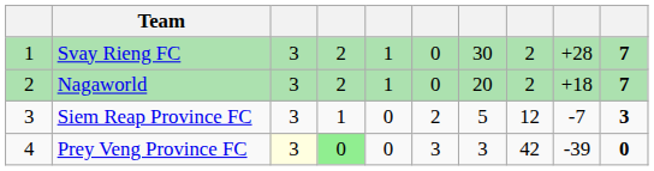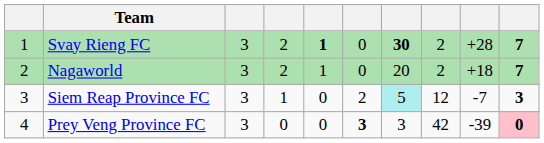 <table class="wikitable" style="text-align: center;">
 <tr>
 <th width=30></th>
 <th width=165>Team</th>
 <th width=30></th>
 <th width=30></th>
 <th width=30></th>
 <th width=30></th>
 <th width=30></th>
 <th width=30></th>
 <th width=30></th>
 <th width=30></th>
 </tr>
 <tr style="background:#ace1af;">
 <td>1</td>
 <td align=left><a href='#'>Svay Rieng FC</a></td>
 <td>3</td>
 <td>2</td>
-<td>1</td>
+<td><strong>1</strong></td>
 <td>0</td>
-<td>30</td>
+<td><strong>30</strong></td>
 <td>2</td>
 <td>+28</td>
 <td><strong>7</strong></td>
 </tr>
 <tr style="background:#ace1af;">
 <td>2</td>
 <td align=left><a href='#'>Nagaworld</a></td>
 <td>3</td>
 <td>2</td>
 <td>1</td>
 <td>0</td>
 <td>20</td>
 <td>2</td>
 <td>+18</td>
 <td><strong>7</strong></td>
 </tr>
 <tr>
 <td>3</td>
 <td align=left><a href='#'>Siem Reap Province FC</a></td>
 <td>3</td>
 <td>1</td>
 <td>0</td>
 <td>2</td>
-<td>5</td>
+<td style="background: paleturquoise;">5</td>
 <td>12</td>
 <td>-7</td>
 <td><strong>3</strong></td>
 </tr>
 <tr>
 <td>4</td>
 <td align=left><a href='#'>Prey Veng Province FC</a></td>
-<td style="background: lightyellow;">3</td>
-<td style="background: lightgreen;">0</td>
+<td>3</td>
 <td>0</td>
-<td>3</td>
+<td>0</td>
+<td><strong>3</strong></td>
 <td>3</td>
 <td>42</td>
 <td>-39</td>
-<td><strong>0</strong></td>
+<td style="background: pink;"><strong>0</strong></td>
 </tr>
 </table>
